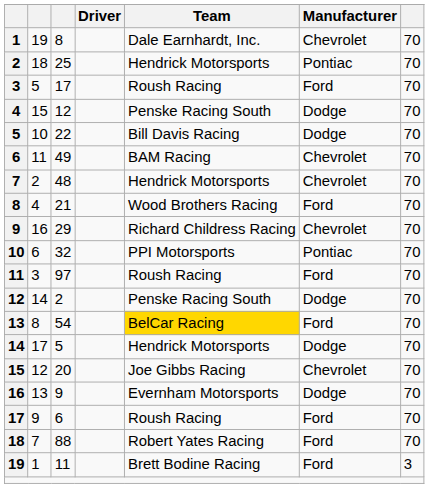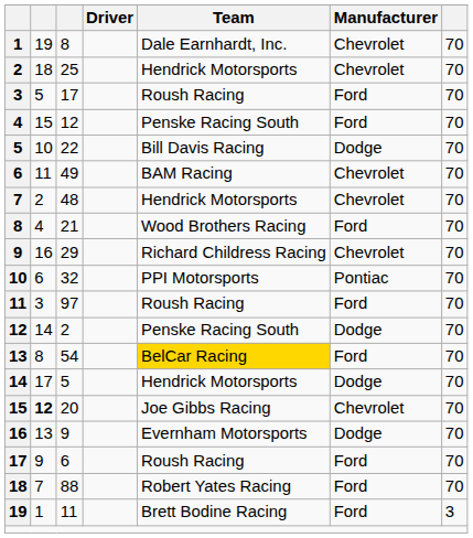 <table class="wikitable sortable" border="1">
 <tr>
 </tr>
 <tr>
 <th scope="col"></th>
 <th scope="col"></th>
 <th scope="col"></th>
 <th scope="col">Driver</th>
 <th scope="col">Team</th>
 <th scope="col">Manufacturer</th>
 <th scope="col"></th>
 </tr>
 <tr>
 <th scope="row">1</th>
 <td>19</td>
 <td>8</td>
 <td></td>
 <td>Dale Earnhardt, Inc.</td>
 <td>Chevrolet</td>
 <td>70</td>
 </tr>
 <tr>
 <th scope="row">2</th>
 <td>18</td>
 <td>25</td>
 <td></td>
 <td>Hendrick Motorsports</td>
-<td>Pontiac</td>
+<td>Chevrolet</td>
 <td>70</td>
 </tr>
 <tr>
 <th scope="row">3</th>
 <td>5</td>
 <td>17</td>
 <td></td>
 <td>Roush Racing</td>
 <td>Ford</td>
 <td>70</td>
 </tr>
 <tr>
 <th scope="row">4</th>
 <td>15</td>
 <td>12</td>
 <td></td>
 <td>Penske Racing South</td>
-<td>Dodge</td>
+<td>Ford</td>
 <td>70</td>
 </tr>
 <tr>
 <th scope="row">5</th>
 <td>10</td>
 <td>22</td>
 <td></td>
 <td>Bill Davis Racing</td>
 <td>Dodge</td>
 <td>70</td>
 </tr>
 <tr>
 <th scope="row">6</th>
 <td>11</td>
 <td>49</td>
 <td></td>
 <td>BAM Racing</td>
 <td>Chevrolet</td>
 <td>70</td>
 </tr>
 <tr>
 <th scope="row">7</th>
 <td>2</td>
 <td>48</td>
 <td></td>
 <td>Hendrick Motorsports</td>
 <td>Chevrolet</td>
 <td>70</td>
 </tr>
 <tr>
 <th scope="row">8</th>
 <td>4</td>
 <td>21</td>
 <td></td>
 <td>Wood Brothers Racing</td>
 <td>Ford</td>
 <td>70</td>
 </tr>
 <tr>
 <th scope="row">9</th>
 <td>16</td>
 <td>29</td>
 <td></td>
 <td>Richard Childress Racing</td>
 <td>Chevrolet</td>
 <td>70</td>
 </tr>
 <tr>
 <th scope="row">10</th>
 <td>6</td>
 <td>32</td>
 <td></td>
 <td>PPI Motorsports</td>
 <td>Pontiac</td>
 <td>70</td>
 </tr>
 <tr>
 <th scope="row">11</th>
 <td>3</td>
 <td>97</td>
 <td></td>
 <td>Roush Racing</td>
 <td>Ford</td>
 <td>70</td>
 </tr>
 <tr>
 <th scope="row">12</th>
 <td>14</td>
 <td>2</td>
 <td></td>
 <td>Penske Racing South</td>
 <td>Dodge</td>
 <td>70</td>
 </tr>
 <tr>
 <th scope="row">13</th>
 <td>8</td>
 <td>54</td>
 <td></td>
 <td style="background: gold;">BelCar Racing</td>
 <td>Ford</td>
 <td>70</td>
 </tr>
 <tr>
 <th scope="row">14</th>
 <td>17</td>
 <td>5</td>
 <td></td>
 <td>Hendrick Motorsports</td>
 <td>Dodge</td>
 <td>70</td>
 </tr>
 <tr>
 <th scope="row">15</th>
-<td>12</td>
+<td><strong>12</strong></td>
 <td>20</td>
 <td></td>
 <td>Joe Gibbs Racing</td>
 <td>Chevrolet</td>
 <td>70</td>
 </tr>
 <tr>
 <th scope="row">16</th>
 <td>13</td>
 <td>9</td>
 <td></td>
 <td>Evernham Motorsports</td>
 <td>Dodge</td>
 <td>70</td>
 </tr>
 <tr>
 <th scope="row">17</th>
 <td>9</td>
 <td>6</td>
 <td></td>
 <td>Roush Racing</td>
 <td>Ford</td>
 <td>70</td>
 </tr>
 <tr>
 <th scope="row">18</th>
 <td>7</td>
 <td>88</td>
 <td></td>
 <td>Robert Yates Racing</td>
 <td>Ford</td>
 <td>70</td>
 </tr>
 <tr>
 <th scope="row">19</th>
 <td>1</td>
 <td>11</td>
 <td></td>
 <td>Brett Bodine Racing</td>
 <td>Ford</td>
 <td>3</td>
 </tr>
 <tr class="sortbottom">
 <td colspan="8"></td>
 </tr>
 </table>
